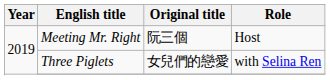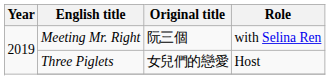 <table class="wikitable sortable">
 <tr>
 <th>Year</th>
 <th>English title</th>
 <th>Original title</th>
 <th>Role</th>
 </tr>
 <tr>
 <td rowspan=3>2019</td>
 <td><em>Meeting Mr. Right</em></td>
 <td>阮三個</td>
-<td>Host</td>
+<td>with <a href='#'>Selina Ren</a></td>
 </tr>
 <tr>
 <td><em>Three Piglets</em></td>
 <td>女兒們的戀愛</td>
-<td>with <a href='#'>Selina Ren</a></td>
+<td>Host</td>
 </tr>
 <tr>
 </tr>
 </table>
